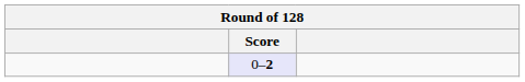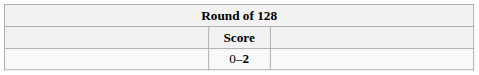 <table class="wikitable" style="text-align: center; font-size:90% ">
 <tr>
 <th colspan=3>Round of 128</th>
 </tr>
 <tr>
 <th width=215></th>
 <th width=60>Score</th>
 <th width=215></th>
 </tr>
 <tr>
 <td align=left></td>
-<td style="background: lavender;">0–<strong>2</strong></td>
+<td>0–<strong>2</strong></td>
 <td align=left><strong></strong></td>
 </tr>
 </table>
